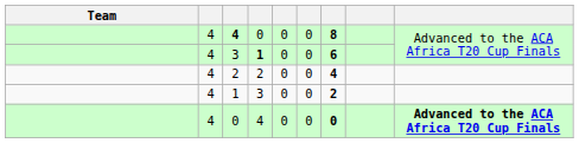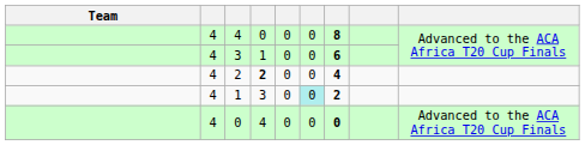 <table class="wikitable" style="text-align:center">
 <tr>
 <th width=200>Team</th>
 <th width=20></th>
 <th width=20></th>
 <th width=20></th>
 <th width=20></th>
 <th width=20></th>
 <th width=20></th>
 <th width=45></th>
 <th style="width:185px;"></th>
 </tr>
 <tr style="background:#cfc;">
 <td align="left"></td>
 <td>4</td>
-<td><strong>4</strong></td>
+<td>4</td>
 <td>0</td>
 <td>0</td>
 <td>0</td>
 <td><strong>8</strong></td>
 <td></td>
 <td rowspan=2>Advanced to the <a href='#'>ACA Africa T20 Cup Finals</a></td>
 </tr>
 <tr style="background:#cfc;">
 <td align="left"></td>
 <td>4</td>
 <td>3</td>
-<td><strong>1</strong></td>
+<td>1</td>
 <td>0</td>
 <td>0</td>
 <td><strong>6</strong></td>
 <td></td>
 </tr>
 <tr>
 <td align="left"></td>
 <td>4</td>
 <td>2</td>
-<td>2</td>
+<td><strong>2</strong></td>
 <td>0</td>
 <td>0</td>
 <td><strong>4</strong></td>
 <td></td>
 <td></td>
 </tr>
 <tr>
 <td align="left"></td>
 <td>4</td>
 <td>1</td>
 <td>3</td>
 <td>0</td>
-<td>0</td>
+<td style="background: paleturquoise;">0</td>
 <td><strong>2</strong></td>
 <td></td>
 <td></td>
 </tr>
 <tr style="background:#cfc;">
 <td align="left"></td>
 <td>4</td>
 <td>0</td>
 <td>4</td>
 <td>0</td>
 <td>0</td>
 <td><strong>0</strong></td>
 <td></td>
-<td><strong>Advanced to the <a href='#'>ACA Africa T20 Cup Finals</a></strong></td>
+<td>Advanced to the <a href='#'>ACA Africa T20 Cup Finals</a></td>
 </tr>
 </table>
